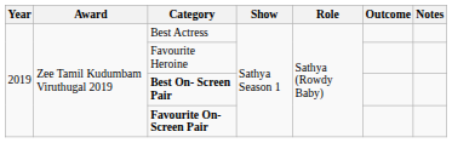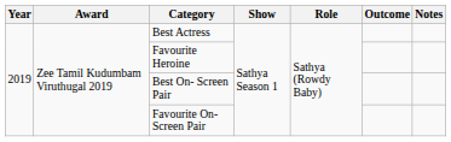 <table class="wikitable sortable">
 <tr>
 <th>Year</th>
 <th>Award</th>
 <th>Category</th>
 <th>Show</th>
 <th>Role</th>
 <th>Outcome</th>
 <th>Notes</th>
 </tr>
 <tr>
 <td rowspan="4">2019</td>
 <td rowspan="4">Zee Tamil Kudumbam Viruthugal 2019</td>
 <td>Best Actress</td>
 <td rowspan="4">Sathya Season 1</td>
 <td rowspan="4">Sathya (Rowdy Baby)</td>
 <td></td>
 <td></td>
 </tr>
 <tr>
 <td>Favourite Heroine</td>
 <td></td>
 <td></td>
 </tr>
 <tr>
-<td><strong>Best On- Screen Pair</strong></td>
+<td>Best On- Screen Pair</td>
 <td></td>
 <td></td>
 </tr>
 <tr>
-<td><strong>Favourite On- Screen Pair</strong></td>
+<td>Favourite On- Screen Pair</td>
 <td></td>
 <td></td>
 </tr>
 </table>
